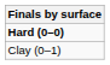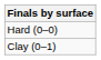 <table class=wikitable style=font-size:90%>
 <tr>
 <th>Finals by surface</th>
 </tr>
 <tr>
-<td><strong>Hard (0–0)</strong></td>
+<td>Hard (0–0)</td>
 </tr>
 <tr>
 <td>Clay (0–1)</td>
 </tr>
 </table>
